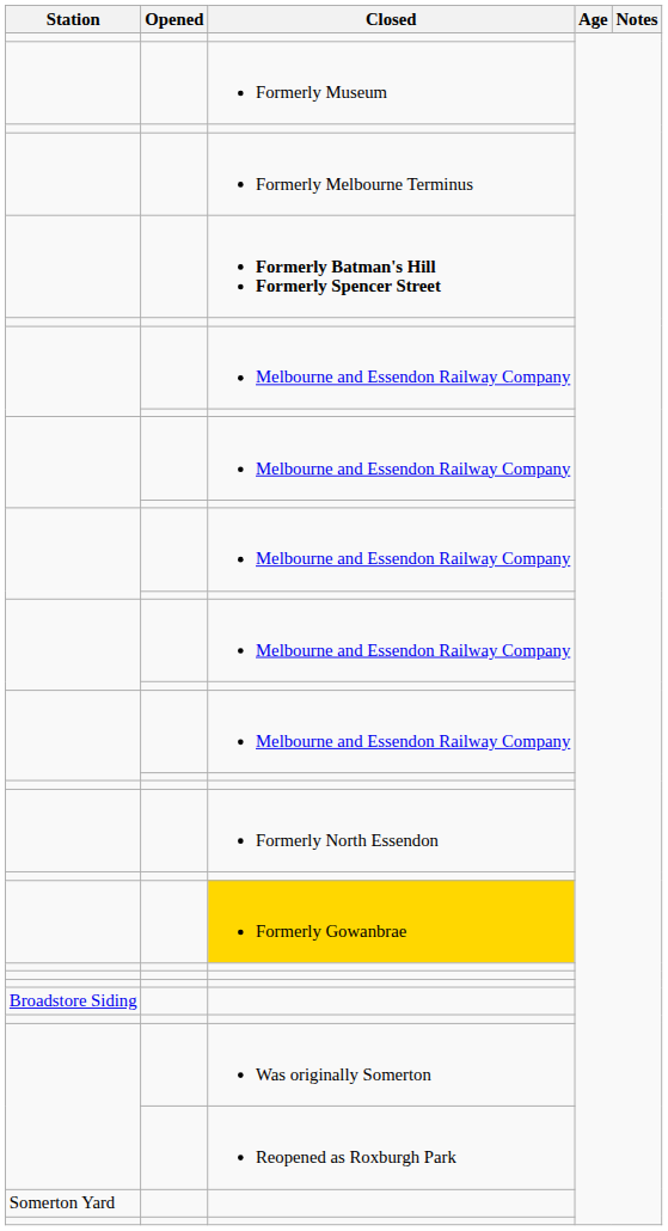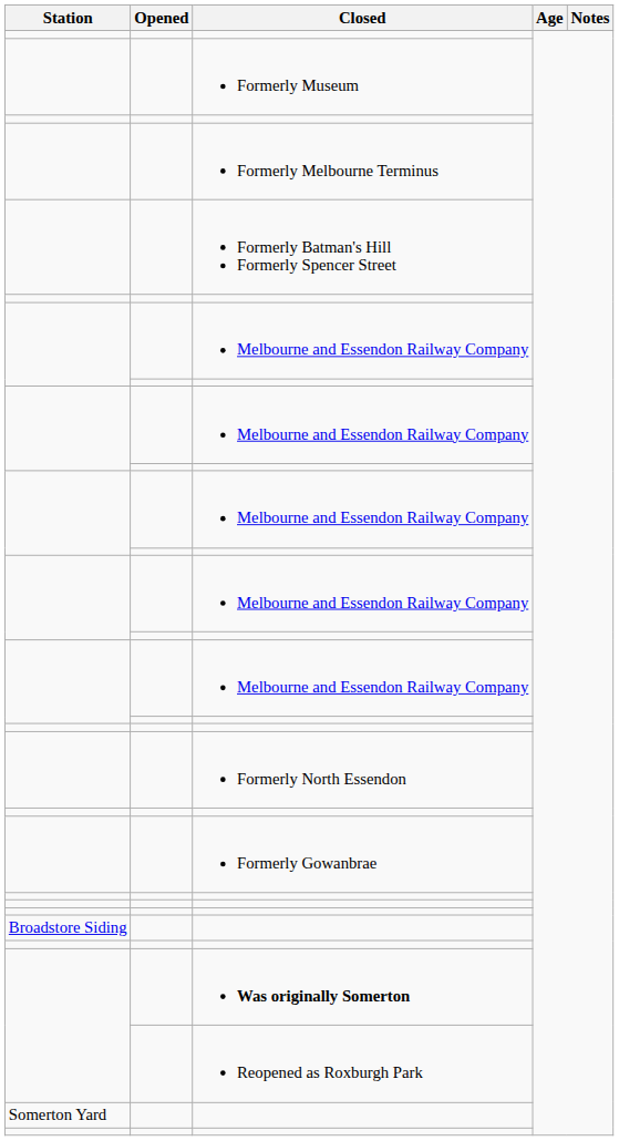 <table class="wikitable sortable mw-collapsible mw-collapsed">
 <tr>
 <th>Station</th>
 <th>Opened</th>
 <th>Closed</th>
 <th>Age</th>
 <th scope=col class=unsortable>Notes</th>
 </tr>
 <tr>
 <td></td>
 <td></td>
 <td></td>
 </tr>
 <tr>
 <td></td>
 <td></td>
 <td><br><ul><li>Formerly Museum</li></ul></td>
 </tr>
 <tr>
 <td></td>
 <td></td>
 <td></td>
 </tr>
 <tr>
 <td></td>
 <td></td>
 <td><br><ul><li>Formerly Melbourne Terminus</li></ul></td>
 </tr>
 <tr>
 <td></td>
 <td></td>
-<td><strong><br><ul><li>Formerly Batman's Hill</li><li>Formerly Spencer Street</li></ul></strong></td>
+<td><br><ul><li>Formerly Batman's Hill</li><li>Formerly Spencer Street</li></ul></td>
 </tr>
 <tr>
 <td></td>
 <td></td>
 <td></td>
 </tr>
 <tr>
 <td rowspan="2"></td>
 <td></td>
 <td><br><ul><li><a href='#'>Melbourne and Essendon Railway Company</a></li></ul></td>
 </tr>
 <tr>
 <td></td>
 <td></td>
 </tr>
 <tr>
 <td rowspan="2"></td>
 <td></td>
 <td><br><ul><li><a href='#'>Melbourne and Essendon Railway Company</a></li></ul></td>
 </tr>
 <tr>
 <td></td>
 <td></td>
 </tr>
 <tr>
 <td rowspan="2"></td>
 <td></td>
 <td><br><ul><li><a href='#'>Melbourne and Essendon Railway Company</a></li></ul></td>
 </tr>
 <tr>
 <td></td>
 <td></td>
 </tr>
 <tr>
 <td rowspan="2"></td>
 <td></td>
 <td><br><ul><li><a href='#'>Melbourne and Essendon Railway Company</a></li></ul></td>
 </tr>
 <tr>
 <td></td>
 <td></td>
 </tr>
 <tr>
 <td rowspan="2"></td>
 <td></td>
 <td><br><ul><li><a href='#'>Melbourne and Essendon Railway Company</a></li></ul></td>
 </tr>
 <tr>
 <td></td>
 <td></td>
 </tr>
 <tr>
 <td></td>
 <td></td>
 <td></td>
 </tr>
 <tr>
 <td></td>
 <td></td>
 <td><br><ul><li>Formerly North Essendon</li></ul></td>
 </tr>
 <tr>
 <td></td>
 <td></td>
 <td></td>
 </tr>
 <tr>
 <td></td>
 <td></td>
-<td style="background: gold;"><br><ul><li>Formerly Gowanbrae</li></ul></td>
+<td><br><ul><li>Formerly Gowanbrae</li></ul></td>
 </tr>
 <tr>
 <td></td>
 <td></td>
 <td></td>
 </tr>
 <tr>
 <td></td>
 <td></td>
 <td></td>
 </tr>
 <tr>
 <td></td>
 <td></td>
 <td></td>
 </tr>
 <tr>
 <td><a href='#'>Broadstore Siding</a></td>
 <td></td>
 <td></td>
 </tr>
 <tr>
 <td></td>
 <td></td>
 <td></td>
 </tr>
 <tr>
 <td rowspan="2"></td>
 <td></td>
-<td><br><ul><li>Was originally Somerton</li></ul></td>
+<td><strong><br><ul><li>Was originally Somerton</li></ul></strong></td>
 </tr>
 <tr>
 <td></td>
 <td><br><ul><li>Reopened as Roxburgh Park</li></ul></td>
 </tr>
 <tr>
 <td>Somerton Yard</td>
 <td></td>
 <td></td>
 </tr>
 <tr>
 <td></td>
 <td></td>
 <td></td>
 </tr>
 </table>
